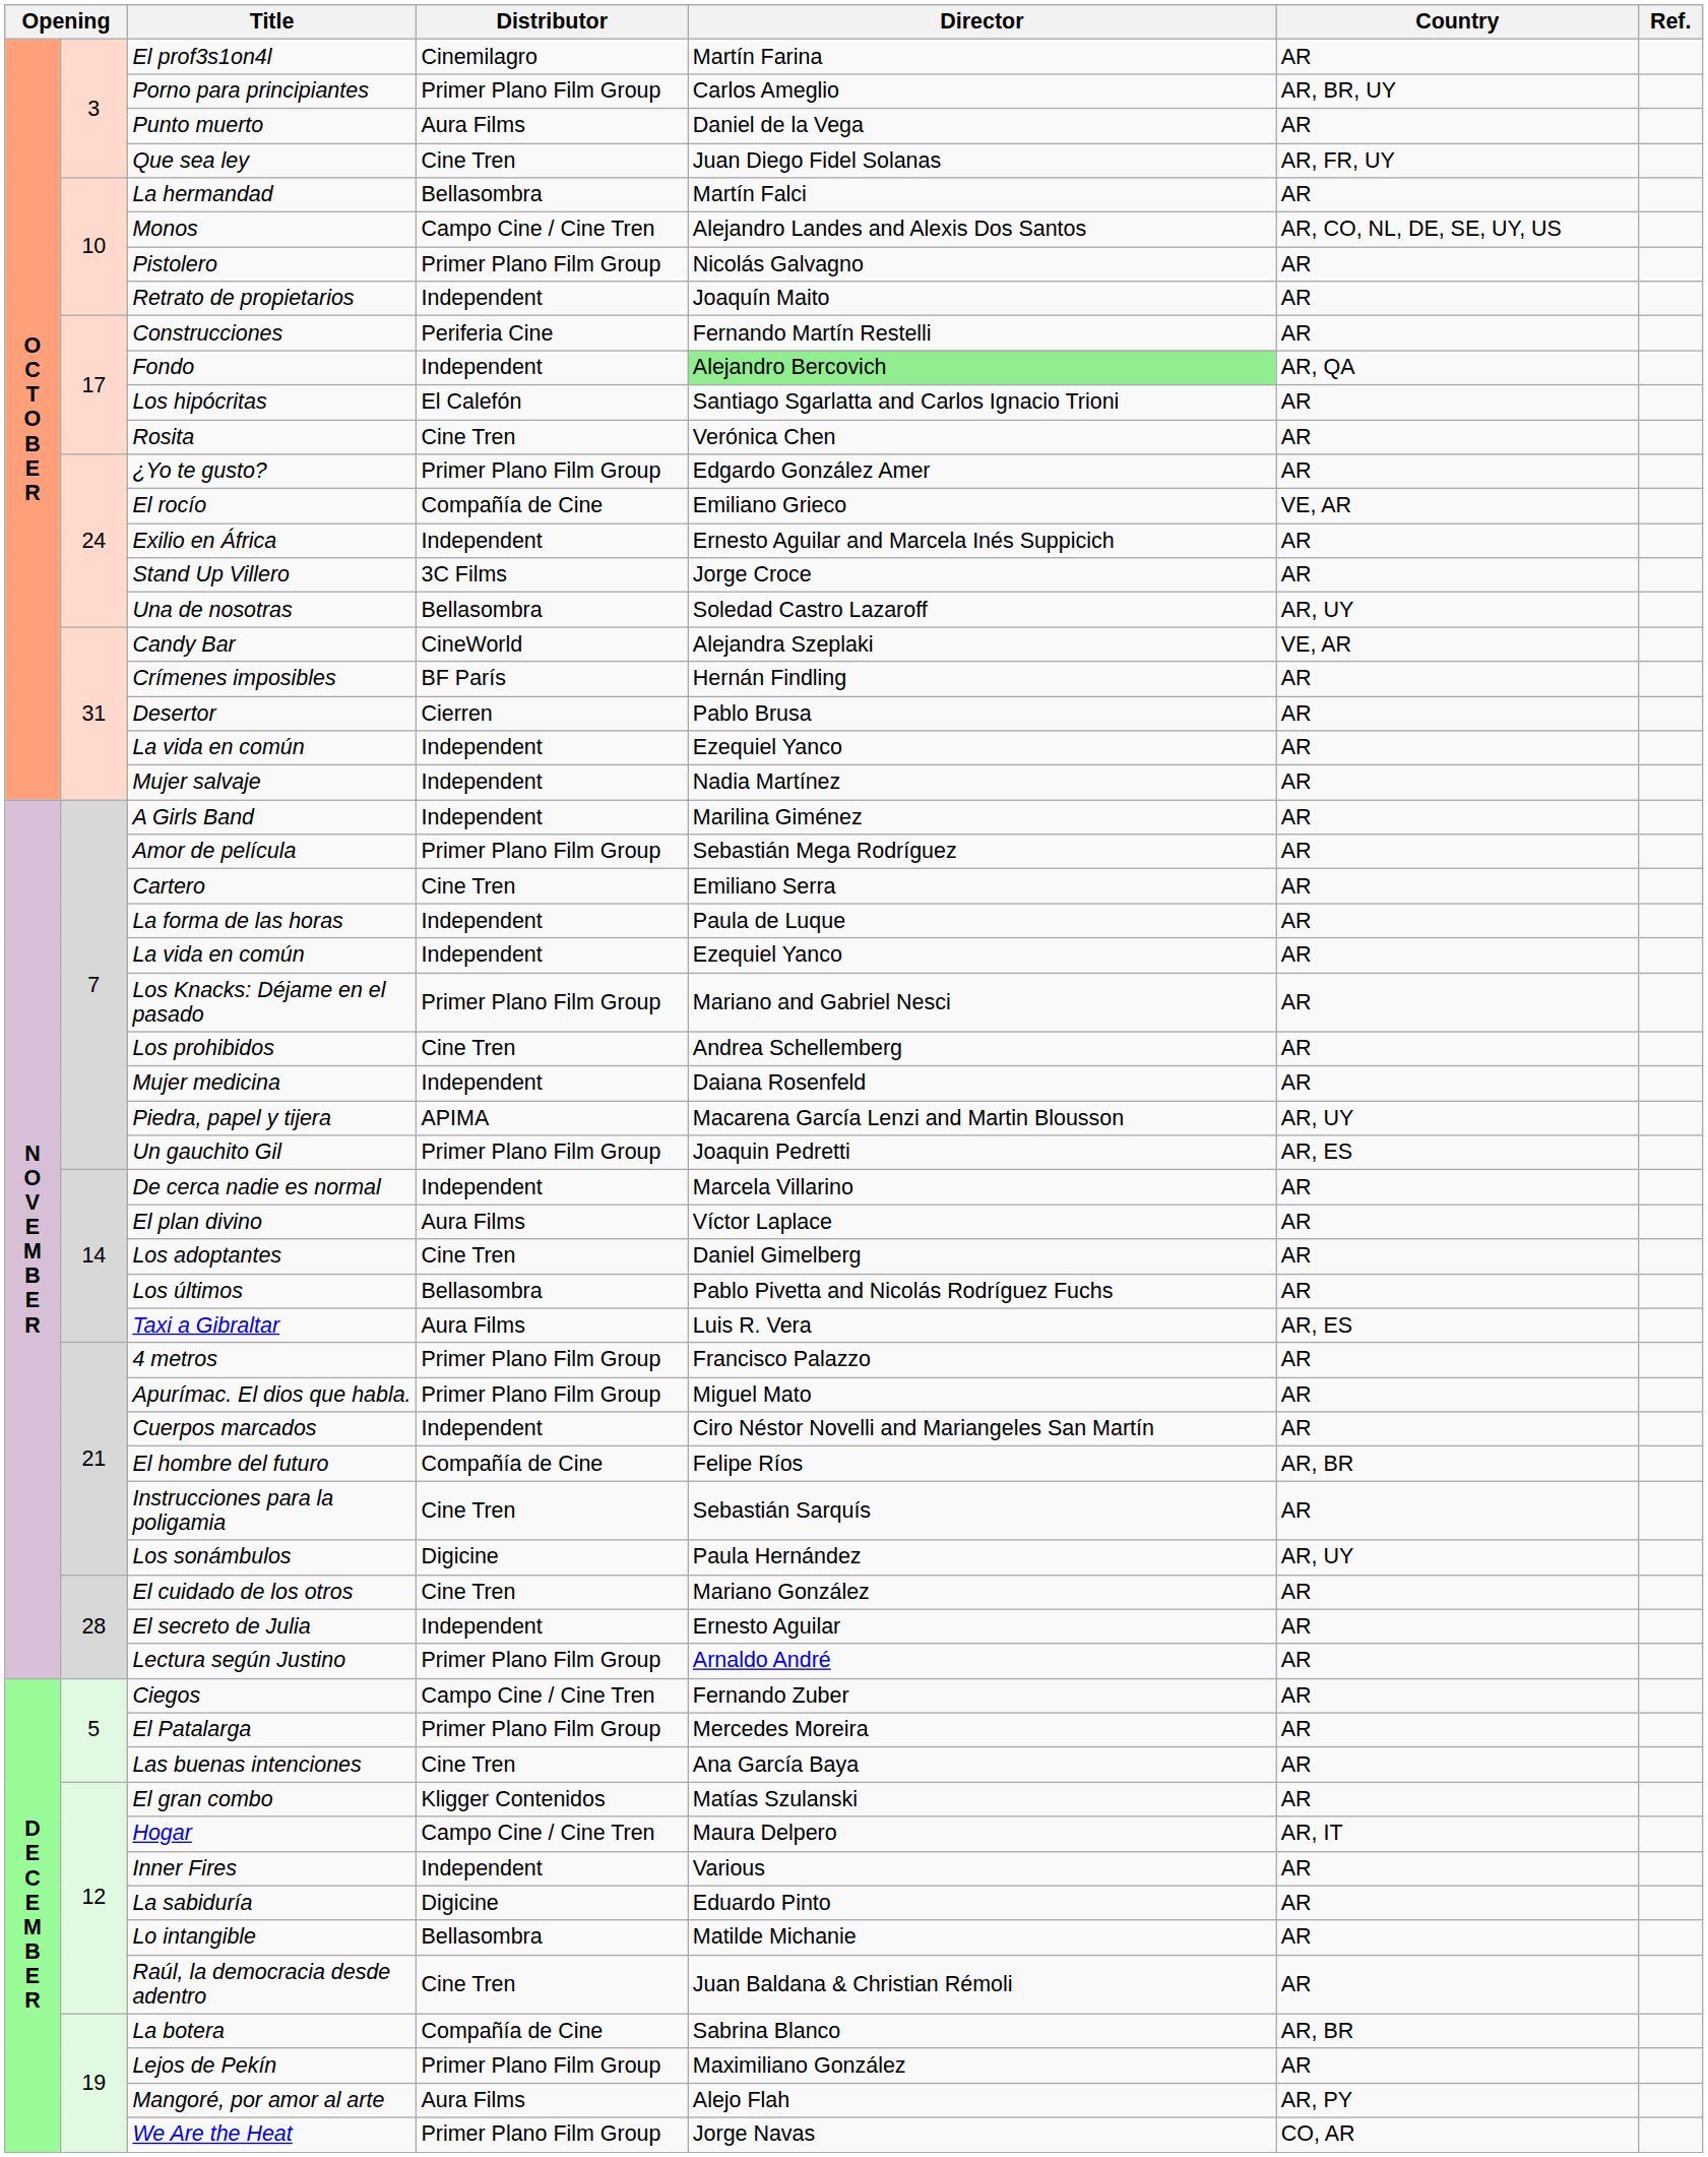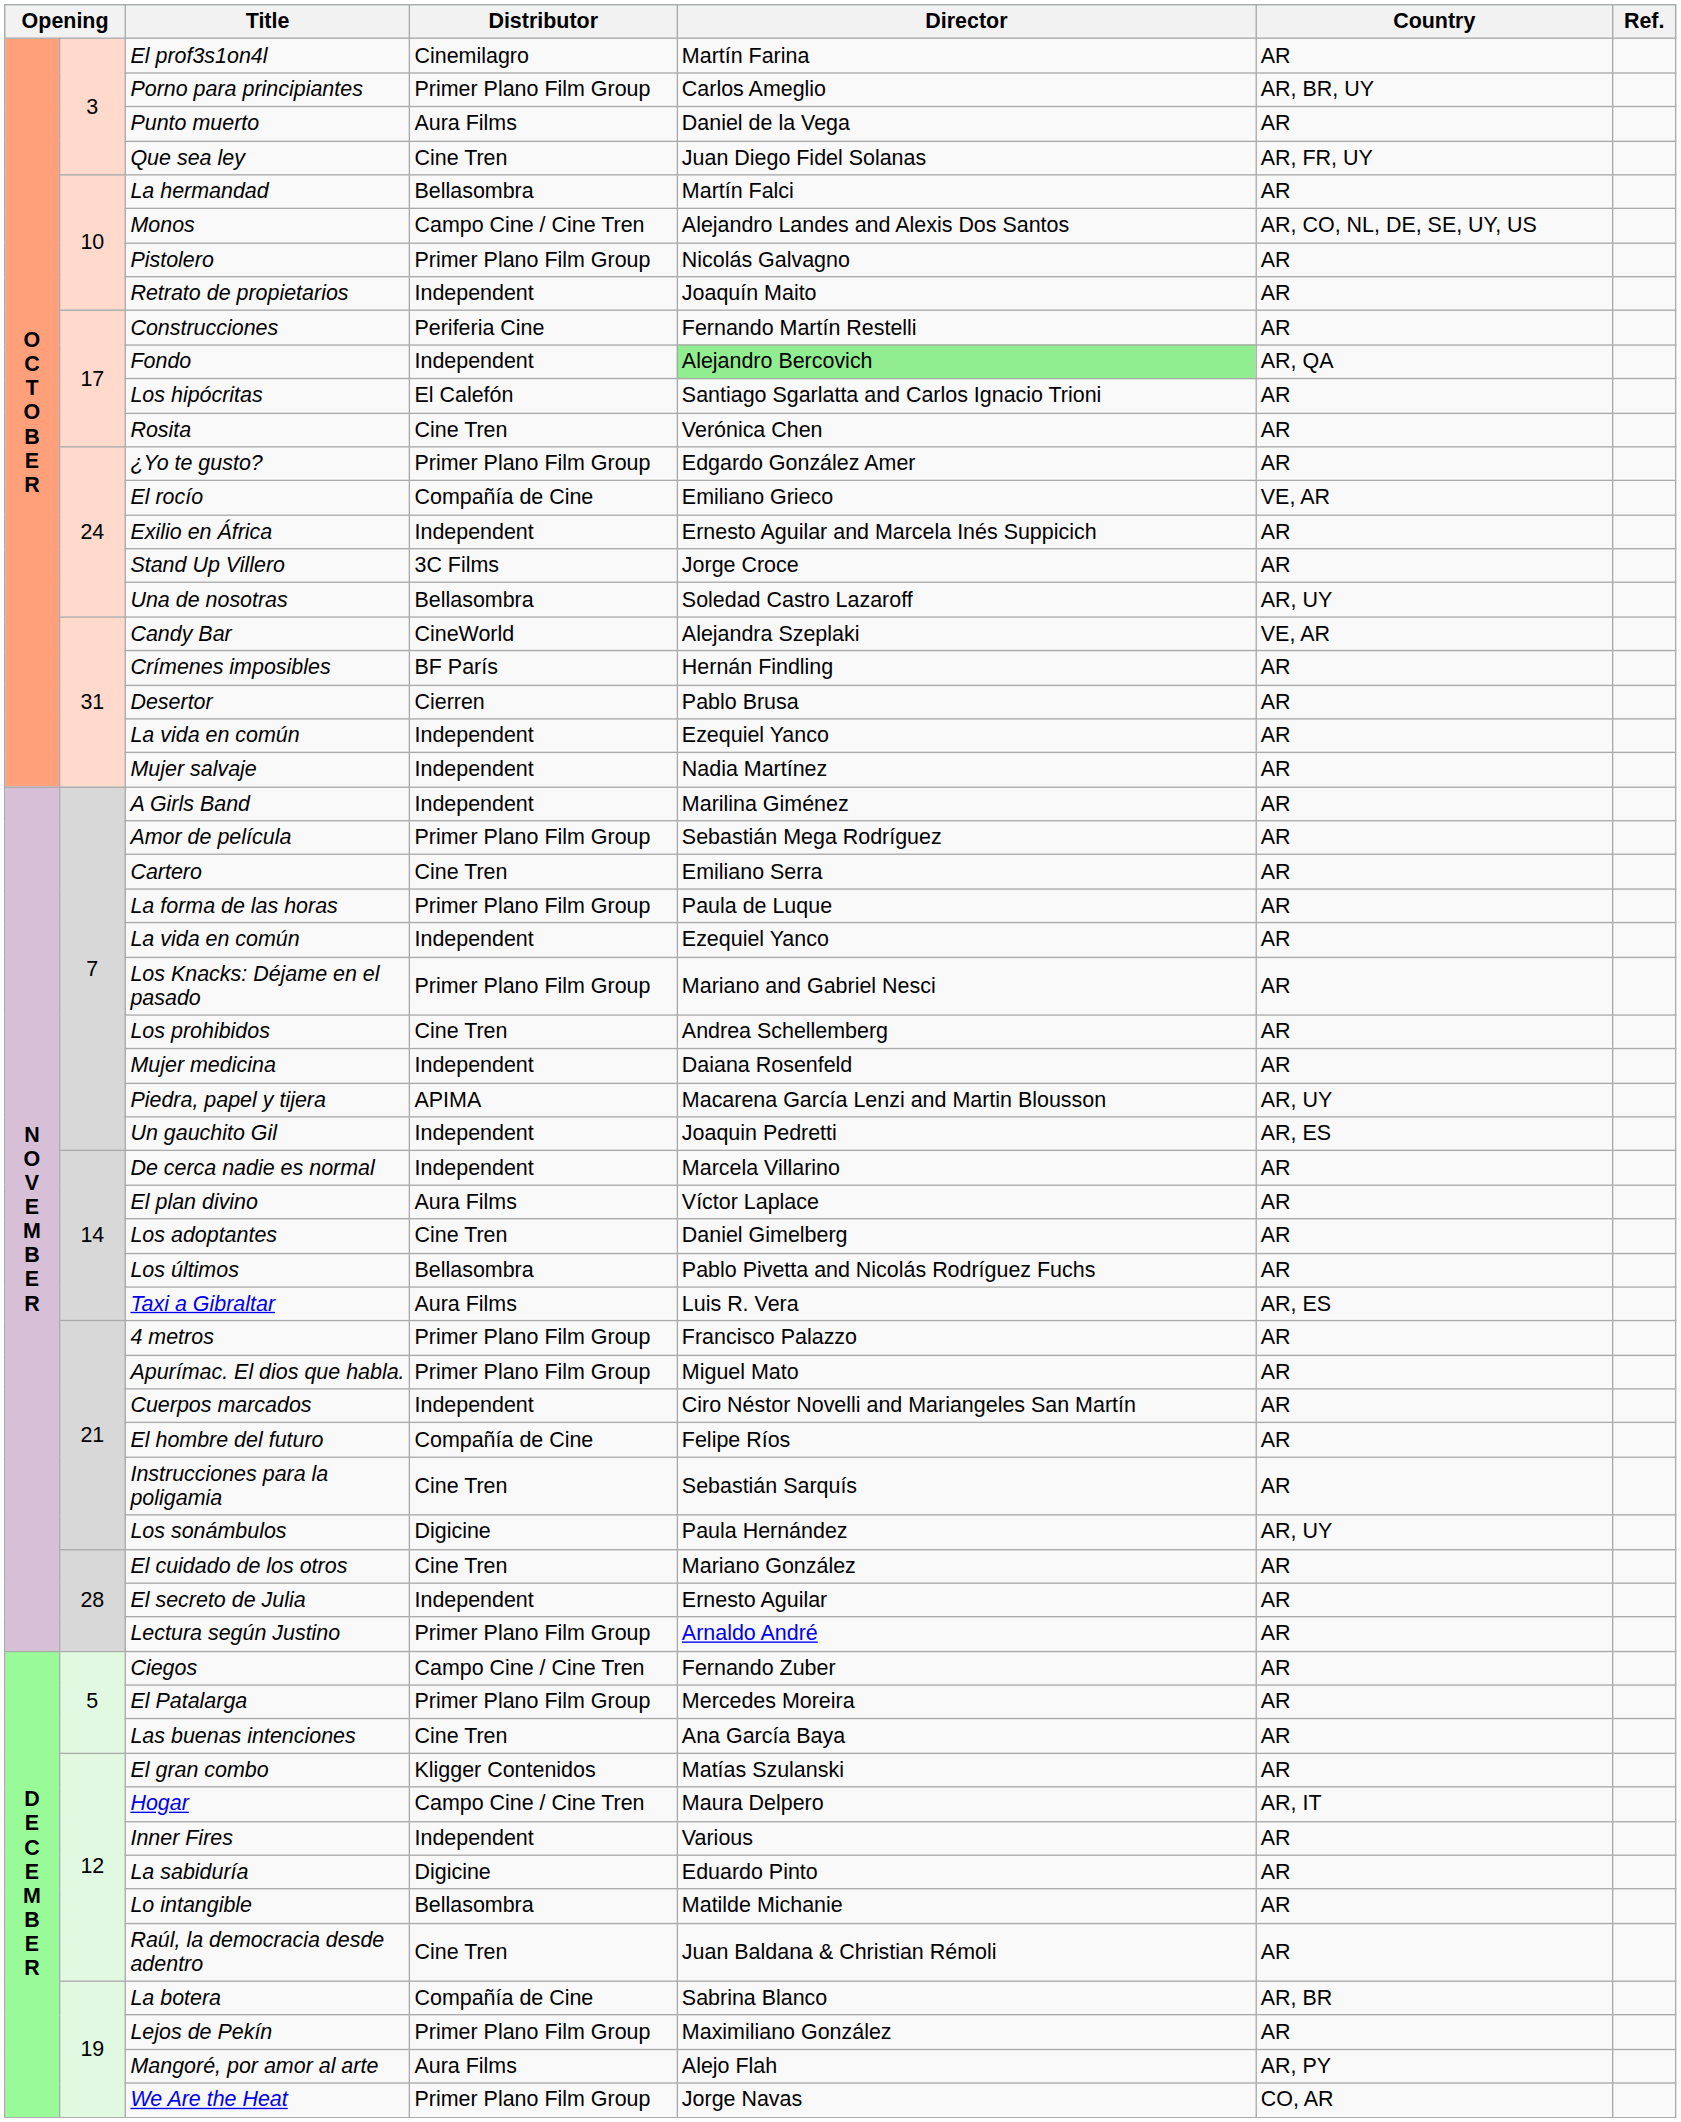 <table class="wikitable sortable">
 <tr style="background:#b0e0e6; text-align:center;">
 <th colspan="2">Opening</th>
 <th style="width:17%;">Title</th>
 <th style="width:16%;">Distributor</th>
 <th>Director</th>
 <th>Country</th>
 <th>Ref.</th>
 </tr>
 <tr>
 <th rowspan="22" style="text-align:center; background:#ffa07a; textcolor:#000;">O<br>C<br>T<br>O<br>B<br>E<br>R</th>
 <td rowspan="4" style="text-align:center; background:#ffdacc;">3</td>
 <td><em>El prof3s1on4l</em></td>
 <td>Cinemilagro</td>
 <td>Martín Farina</td>
 <td>AR</td>
 <td></td>
 </tr>
 <tr>
 <td><em>Porno para principiantes</em></td>
 <td>Primer Plano Film Group</td>
 <td>Carlos Ameglio</td>
 <td>AR, BR, UY</td>
 <td></td>
 </tr>
 <tr>
 <td><em>Punto muerto</em></td>
 <td>Aura Films</td>
 <td>Daniel de la Vega</td>
 <td>AR</td>
 <td></td>
 </tr>
 <tr>
 <td><em>Que sea ley</em></td>
 <td>Cine Tren</td>
 <td>Juan Diego Fidel Solanas</td>
 <td>AR, FR, UY</td>
 <td></td>
 </tr>
 <tr>
 <td rowspan="4" style="text-align:center; background:#ffdacc;">10</td>
 <td><em>La hermandad</em></td>
 <td>Bellasombra</td>
 <td>Martín Falci</td>
 <td>AR</td>
 <td></td>
 </tr>
 <tr>
 <td><em>Monos</em></td>
 <td>Campo Cine / Cine Tren </td>
 <td>Alejandro Landes and Alexis Dos Santos</td>
 <td>AR, CO, NL, DE, SE, UY, US</td>
 <td></td>
 </tr>
 <tr>
 <td><em>Pistolero</em></td>
 <td>Primer Plano Film Group</td>
 <td>Nicolás Galvagno</td>
 <td>AR</td>
 <td></td>
 </tr>
 <tr>
 <td><em>Retrato de propietarios</em></td>
 <td>Independent</td>
 <td>Joaquín Maito</td>
 <td>AR</td>
 <td></td>
 </tr>
 <tr>
 <td rowspan="4" style="text-align:center; background:#ffdacc;">17</td>
 <td><em>Construcciones</em></td>
 <td>Periferia Cine</td>
 <td>Fernando Martín Restelli</td>
 <td>AR</td>
 <td></td>
 </tr>
 <tr>
 <td><em>Fondo</em></td>
 <td>Independent</td>
 <td style="background: lightgreen;">Alejandro Bercovich</td>
 <td>AR, QA</td>
 <td></td>
 </tr>
 <tr>
 <td><em>Los hipócritas</em></td>
 <td>El Calefón</td>
 <td>Santiago Sgarlatta and Carlos Ignacio Trioni</td>
 <td>AR</td>
 <td></td>
 </tr>
 <tr>
 <td><em>Rosita</em></td>
 <td>Cine Tren</td>
 <td>Verónica Chen</td>
 <td>AR</td>
 <td></td>
 </tr>
 <tr>
 <td rowspan="5" style="text-align:center; background:#ffdacc;">24</td>
 <td><em>¿Yo te gusto?</em></td>
 <td>Primer Plano Film Group</td>
 <td>Edgardo González Amer</td>
 <td>AR</td>
 <td></td>
 </tr>
 <tr>
 <td><em>El rocío</em></td>
 <td>Compañía de Cine</td>
 <td>Emiliano Grieco</td>
 <td>VE, AR</td>
 <td></td>
 </tr>
 <tr>
 <td><em>Exilio en África</em></td>
 <td>Independent</td>
 <td>Ernesto Aguilar and Marcela Inés Suppicich</td>
 <td>AR</td>
 <td></td>
 </tr>
 <tr>
 <td><em>Stand Up Villero</em></td>
 <td>3C Films</td>
 <td>Jorge Croce</td>
 <td>AR</td>
 <td></td>
 </tr>
 <tr>
 <td><em>Una de nosotras</em></td>
 <td>Bellasombra</td>
 <td>Soledad Castro Lazaroff</td>
 <td>AR, UY</td>
 <td></td>
 </tr>
 <tr>
 <td rowspan="5" style="text-align:center; background:#ffdacc;">31</td>
 <td><em>Candy Bar</em></td>
 <td>CineWorld</td>
 <td>Alejandra Szeplaki</td>
 <td>VE, AR</td>
 <td></td>
 </tr>
 <tr>
 <td><em>Crímenes imposibles</em></td>
 <td>BF París</td>
 <td>Hernán Findling</td>
 <td>AR</td>
 <td></td>
 </tr>
 <tr>
 <td><em>Desertor</em></td>
 <td>Cierren</td>
 <td>Pablo Brusa</td>
 <td>AR</td>
 <td></td>
 </tr>
 <tr>
 <td><em>La vida en común</em></td>
 <td>Independent</td>
 <td>Ezequiel Yanco</td>
 <td>AR</td>
 <td></td>
 </tr>
 <tr>
 <td><em>Mujer salvaje</em></td>
 <td>Independent</td>
 <td>Nadia Martínez</td>
 <td>AR</td>
 <td></td>
 </tr>
 <tr>
 <th rowspan="24" style="text-align:center; background:thistle; textcolor:#000;">N<br>O<br>V<br>E<br>M<br>B<br>E<br>R</th>
 <td rowspan="10" style="text-align:center; background:#d8d8d8;">7</td>
 <td><em>A Girls Band</em></td>
 <td>Independent</td>
 <td>Marilina Giménez</td>
 <td>AR</td>
 <td></td>
 </tr>
 <tr>
 <td><em>Amor de película</em></td>
 <td>Primer Plano Film Group</td>
 <td>Sebastián Mega Rodríguez</td>
 <td>AR</td>
 <td></td>
 </tr>
 <tr>
 <td><em>Cartero</em></td>
 <td>Cine Tren </td>
 <td>Emiliano Serra</td>
 <td>AR</td>
 <td></td>
 </tr>
 <tr>
 <td><em>La forma de las horas</em></td>
-<td>Independent</td>
+<td>Primer Plano Film Group</td>
 <td>Paula de Luque</td>
 <td>AR</td>
 <td></td>
 </tr>
 <tr>
 <td><em>La vida en común</em></td>
 <td>Independent</td>
 <td>Ezequiel Yanco</td>
 <td>AR</td>
 <td></td>
 </tr>
 <tr>
 <td><em>Los Knacks: Déjame en el pasado</em></td>
 <td>Primer Plano Film Group</td>
 <td>Mariano and Gabriel Nesci</td>
 <td>AR</td>
 <td></td>
 </tr>
 <tr>
 <td><em>Los prohibidos</em></td>
 <td>Cine Tren </td>
 <td>Andrea Schellemberg</td>
 <td>AR</td>
 <td></td>
 </tr>
 <tr>
 <td><em>Mujer medicina</em></td>
 <td>Independent</td>
 <td>Daiana Rosenfeld</td>
 <td>AR</td>
 <td></td>
 </tr>
 <tr>
 <td><em>Piedra, papel y tijera</em></td>
 <td>APIMA</td>
 <td>Macarena García Lenzi and Martin Blousson</td>
 <td>AR, UY</td>
 <td></td>
 </tr>
 <tr>
 <td><em>Un gauchito Gil</em></td>
-<td>Primer Plano Film Group</td>
+<td>Independent</td>
 <td>Joaquin Pedretti</td>
 <td>AR, ES</td>
 <td></td>
 </tr>
 <tr>
 <td rowspan="5" style="text-align:center; background:#d8d8d8;">14</td>
 <td><em>De cerca nadie es normal</em></td>
 <td>Independent</td>
 <td>Marcela Villarino</td>
 <td>AR</td>
 <td></td>
 </tr>
 <tr>
 <td><em>El plan divino</em></td>
 <td>Aura Films</td>
 <td>Víctor Laplace</td>
 <td>AR</td>
 <td></td>
 </tr>
 <tr>
 <td><em>Los adoptantes</em></td>
 <td>Cine Tren</td>
 <td>Daniel Gimelberg</td>
 <td>AR</td>
 <td></td>
 </tr>
 <tr>
 <td><em>Los últimos</em></td>
 <td>Bellasombra</td>
 <td>Pablo Pivetta and Nicolás Rodríguez Fuchs</td>
 <td>AR</td>
 <td></td>
 </tr>
 <tr>
 <td><em><a href='#'>Taxi a Gibraltar</a></em></td>
 <td>Aura Films</td>
 <td>Luis R. Vera</td>
 <td>AR, ES</td>
 <td></td>
 </tr>
 <tr>
 <td rowspan="6" style="text-align:center; background:#d8d8d8;">21</td>
 <td><em>4 metros</em></td>
 <td>Primer Plano Film Group</td>
 <td>Francisco Palazzo</td>
 <td>AR</td>
 <td></td>
 </tr>
 <tr>
 <td><em>Apurímac. El dios que habla.</em></td>
 <td>Primer Plano Film Group</td>
 <td>Miguel Mato</td>
 <td>AR</td>
 <td></td>
 </tr>
 <tr>
 <td><em>Cuerpos marcados</em></td>
 <td>Independent</td>
 <td>Ciro Néstor Novelli and Mariangeles San Martín</td>
 <td>AR</td>
 <td></td>
 </tr>
 <tr>
 <td><em>El hombre del futuro</em></td>
 <td>Compañía de Cine</td>
 <td>Felipe Ríos</td>
-<td>AR, BR</td>
+<td>AR</td>
 <td></td>
 </tr>
 <tr>
 <td><em>Instrucciones para la poligamia</em></td>
 <td>Cine Tren</td>
 <td>Sebastián Sarquís</td>
 <td>AR</td>
 <td></td>
 </tr>
 <tr>
 <td><em>Los sonámbulos</em></td>
 <td>Digicine</td>
 <td>Paula Hernández</td>
 <td>AR, UY</td>
 <td></td>
 </tr>
 <tr>
 <td rowspan="3" style="text-align:center; background:#d8d8d8;">28</td>
 <td><em>El cuidado de los otros</em></td>
 <td>Cine Tren</td>
 <td>Mariano González</td>
 <td>AR</td>
 <td></td>
 </tr>
 <tr>
 <td><em>El secreto de Julia</em></td>
 <td>Independent</td>
 <td>Ernesto Aguilar</td>
 <td>AR</td>
 <td></td>
 </tr>
 <tr>
 <td><em>Lectura según Justino</em></td>
 <td>Primer Plano Film Group</td>
 <td><a href='#'>Arnaldo André</a></td>
 <td>AR</td>
 <td></td>
 </tr>
 <tr>
 <th rowspan="13" style="text-align:center; background:#98fb98; textcolor:#000;">D<br>E<br>C<br>E<br>M<br>B<br>E<br>R</th>
 <td rowspan="3" style="text-align:center; background:#e0f9e0;">5</td>
 <td><em>Ciegos</em></td>
 <td>Campo Cine / Cine Tren </td>
 <td>Fernando Zuber</td>
 <td>AR</td>
 <td></td>
 </tr>
 <tr>
 <td><em>El Patalarga</em></td>
 <td>Primer Plano Film Group</td>
 <td>Mercedes Moreira</td>
 <td>AR</td>
 <td></td>
 </tr>
 <tr>
 <td><em>Las buenas intenciones</em></td>
 <td>Cine Tren</td>
 <td>Ana García Baya</td>
 <td>AR</td>
 <td></td>
 </tr>
 <tr>
 <td rowspan="6" style="text-align:center; background:#e0f9e0;">12</td>
 <td><em>El gran combo</em></td>
 <td>Kligger Contenidos</td>
 <td>Matías Szulanski</td>
 <td>AR</td>
 <td></td>
 </tr>
 <tr>
 <td><em><a href='#'>Hogar</a></em></td>
 <td>Campo Cine / Cine Tren </td>
 <td>Maura Delpero</td>
 <td>AR, IT</td>
 <td></td>
 </tr>
 <tr>
 <td><em>Inner Fires</em></td>
 <td>Independent</td>
 <td>Various</td>
 <td>AR</td>
 <td></td>
 </tr>
 <tr>
 <td><em>La sabiduría</em></td>
 <td>Digicine</td>
 <td>Eduardo Pinto</td>
 <td>AR</td>
 <td></td>
 </tr>
 <tr>
 <td><em>Lo intangible</em></td>
 <td>Bellasombra</td>
 <td>Matilde Michanie</td>
 <td>AR</td>
 <td></td>
 </tr>
 <tr>
 <td><em>Raúl, la democracia desde adentro</em></td>
 <td>Cine Tren</td>
 <td>Juan Baldana & Christian Rémoli</td>
 <td>AR</td>
 <td></td>
 </tr>
 <tr>
 <td rowspan="4" style="text-align:center; background:#e0f9e0;">19</td>
 <td><em>La botera</em></td>
 <td>Compañía de Cine</td>
 <td>Sabrina Blanco</td>
 <td>AR, BR</td>
 <td></td>
 </tr>
 <tr>
 <td><em>Lejos de Pekín</em></td>
 <td>Primer Plano Film Group</td>
 <td>Maximiliano González</td>
 <td>AR</td>
 <td></td>
 </tr>
 <tr>
 <td><em>Mangoré, por amor al arte</em></td>
 <td>Aura Films</td>
 <td>Alejo Flah</td>
 <td>AR, PY</td>
 <td></td>
 </tr>
 <tr>
 <td><em><a href='#'>We Are the Heat</a></em></td>
 <td>Primer Plano Film Group</td>
 <td>Jorge Navas</td>
 <td>CO, AR</td>
 <td></td>
 </tr>
 <tr>
 </tr>
 </table>
